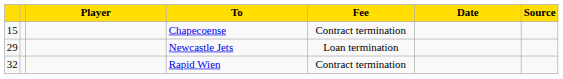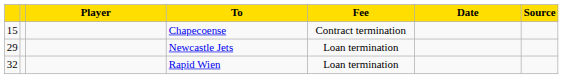 <table class="wikitable sortable">
 <tr>
 <th style="background:#FFDE00"></th>
 <th style="background:#FFDE00"></th>
 <th width=200 style="background:#FFDE00">Player</th>
 <th width=200 style="background:#FFDE00">To</th>
 <th width=150 style="background:#FFDE00">Fee</th>
 <th width=150 style="background:#FFDE00">Date</th>
 <th style="background:#FFDE00">Source</th>
 </tr>
 <tr>
 <td align=center>15</td>
 <td align=center></td>
 <td></td>
 <td> <a href='#'>Chapecoense</a></td>
 <td align=center>Contract termination</td>
 <td align=center></td>
 <td align=center></td>
 </tr>
 <tr>
 <td align=center>29</td>
 <td align=center></td>
 <td></td>
 <td> <a href='#'>Newcastle Jets</a></td>
 <td align=center>Loan termination</td>
 <td align=center></td>
 <td align=center></td>
 </tr>
 <tr>
 <td align=center>32</td>
 <td align=center></td>
 <td></td>
 <td> <a href='#'>Rapid Wien</a></td>
-<td align=center>Contract termination</td>
+<td align=center>Loan termination</td>
 <td align=center></td>
 <td align=center></td>
 </tr>
 </table>
